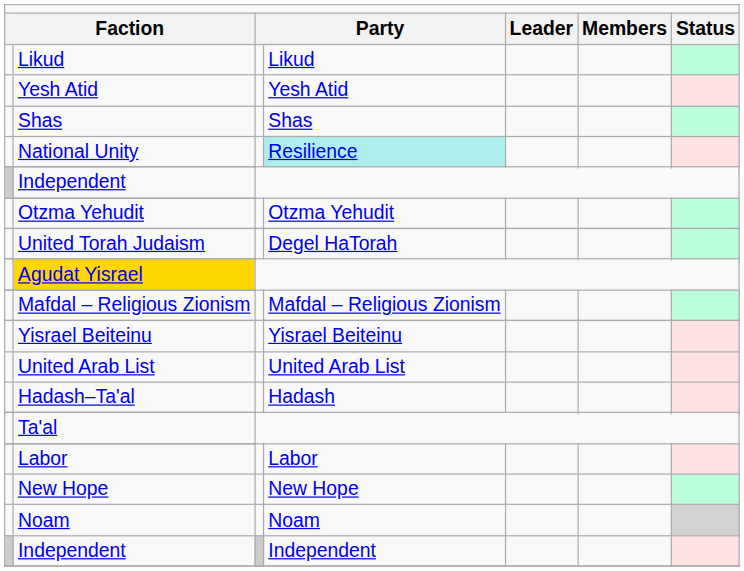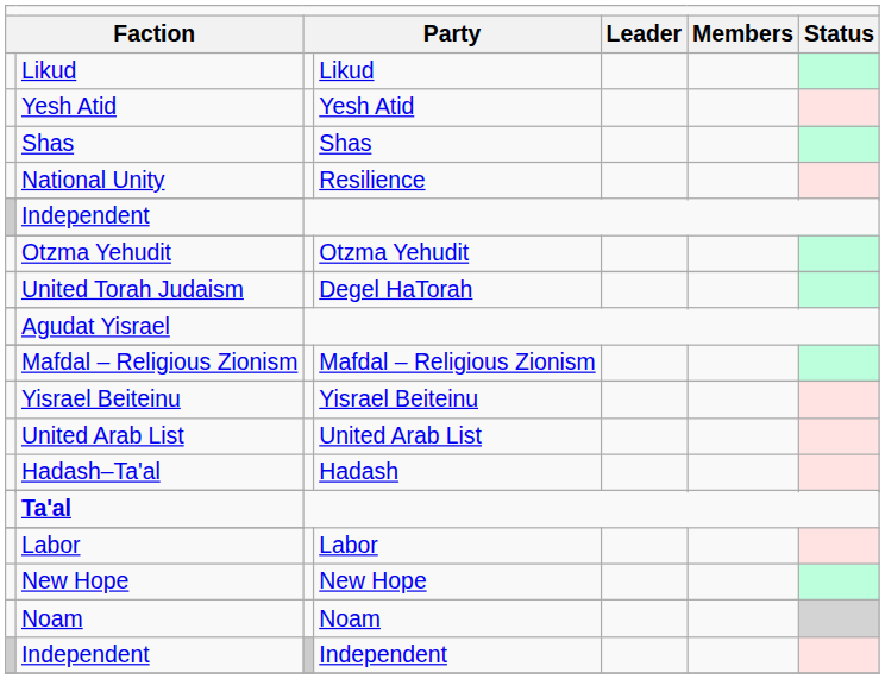 <table class="wikitable">
 <tr>
 <td colspan="7"></td>
 </tr>
 <tr>
 <th colspan="2">Faction</th>
 <th colspan="2">Party</th>
 <th>Leader<br></th>
 <th>Members</th>
 <th>Status</th>
 </tr>
 <tr>
 <td style="background:"></td>
 <td><a href='#'>Likud</a></td>
 <td style="background:"></td>
 <td><a href='#'>Likud</a></td>
 <td></td>
 <td></td>
 <td style="background: #BFD;"></td>
 </tr>
 <tr>
 <td style="background:"></td>
 <td><a href='#'>Yesh Atid</a></td>
 <td style="background:"></td>
 <td><a href='#'>Yesh Atid</a></td>
 <td></td>
 <td></td>
 <td style="background: #FFE3E3;"></td>
 </tr>
 <tr>
 <td style="background:"></td>
 <td><a href='#'>Shas</a></td>
 <td style="background:"></td>
 <td><a href='#'>Shas</a></td>
 <td></td>
 <td></td>
 <td style="background: #BFD;"></td>
 </tr>
 <tr>
 <td rowspan="2" style="background:"></td>
 <td rowspan="2"><a href='#'>National Unity</a></td>
 <td style="background:"></td>
-<td style="background: paleturquoise;"><a href='#'>Resilience</a></td>
+<td><a href='#'>Resilience</a></td>
 <td rowspan="2"></td>
 <td rowspan="2"></td>
 <td rowspan="2" style="background:#FFE3E3;"></td>
 </tr>
 <tr>
 </tr>
 <tr>
 </tr>
 <tr>
 <td style="background:#cdcdcd;"></td>
 <td><a href='#'>Independent</a></td>
 </tr>
 <tr>
 </tr>
 <tr>
 </tr>
 <tr>
 </tr>
 <tr>
 </tr>
 <tr>
 <td style="background:"></td>
 <td><a href='#'>Otzma Yehudit</a></td>
 <td style="background:"></td>
 <td><a href='#'>Otzma Yehudit</a></td>
 <td></td>
 <td></td>
 <td style="background: #BFD;"></td>
 </tr>
 <tr>
 </tr>
 <tr>
 <td rowspan="2" style="background:"></td>
 <td rowspan="2"><a href='#'>United Torah Judaism</a></td>
 <td style="background:"></td>
 <td><a href='#'>Degel HaTorah</a></td>
 <td rowspan="2"></td>
 <td rowspan="2"></td>
 <td rowspan="2" style="background: #BFD;"></td>
 </tr>
 <tr>
 </tr>
 <tr>
 </tr>
 <tr>
 <td style="background:"></td>
-<td style="background: gold;"><a href='#'>Agudat Yisrael</a></td>
+<td><a href='#'>Agudat Yisrael</a></td>
 </tr>
 <tr>
 </tr>
 <tr>
 </tr>
 <tr>
 </tr>
 <tr>
 </tr>
 <tr>
 <td style="background:"></td>
 <td><a href='#'>Mafdal – Religious Zionism</a></td>
 <td style="background:"></td>
 <td><a href='#'>Mafdal – Religious Zionism</a></td>
 <td></td>
 <td></td>
 <td style="background: #BFD;"></td>
 </tr>
 <tr>
 </tr>
 <tr>
 <td style="background:"></td>
 <td><a href='#'>Yisrael Beiteinu</a></td>
 <td style="background:"></td>
 <td><a href='#'>Yisrael Beiteinu</a></td>
 <td></td>
 <td></td>
 <td style="background: #FFE3E3;"></td>
 </tr>
 <tr>
 <td style="background:"></td>
 <td><a href='#'>United Arab List</a></td>
 <td style="background:"></td>
 <td><a href='#'>United Arab List</a></td>
 <td></td>
 <td></td>
 <td style="background: #FFE3E3;"></td>
 </tr>
 <tr>
 <td rowspan="2" style="background:"></td>
 <td rowspan="2"><a href='#'>Hadash–Ta'al</a></td>
 <td style="background:"></td>
 <td><a href='#'>Hadash</a></td>
 <td rowspan="2"></td>
 <td rowspan="2"></td>
 <td rowspan="2" style="background:#FFE3E3;"></td>
 </tr>
 <tr>
 </tr>
 <tr>
 </tr>
 <tr>
 <td style="background:"></td>
-<td><a href='#'>Ta'al</a></td>
+<td><strong><a href='#'>Ta'al</a></strong></td>
 </tr>
 <tr>
 </tr>
 <tr>
 </tr>
 <tr>
 </tr>
 <tr>
 </tr>
 <tr>
 </tr>
 <tr>
 <td style="background:"></td>
 <td><a href='#'>Labor</a></td>
 <td style="background:"></td>
 <td><a href='#'>Labor</a></td>
 <td></td>
 <td></td>
 <td style="background: #FFE3E3;"></td>
 </tr>
 <tr>
 <td style="background:"></td>
 <td><a href='#'>New Hope</a></td>
 <td style="background:"></td>
 <td><a href='#'>New Hope</a></td>
 <td></td>
 <td></td>
 <td style="background: #BFD;"></td>
 </tr>
 <tr>
 <td style="background:"></td>
 <td><a href='#'>Noam</a></td>
 <td style="background:"></td>
 <td><a href='#'>Noam</a></td>
 <td></td>
 <td></td>
 <td style="background-color: #D3D3D3;"></td>
 </tr>
 <tr>
 <td style="background:#cdcdcd;"></td>
 <td><a href='#'>Independent</a></td>
 <td style="background:#cdcdcd;"></td>
 <td><a href='#'>Independent</a></td>
 <td></td>
 <td></td>
 <td style="background: #FFE3E3;"></td>
 </tr>
 <tr>
 </tr>
 </table>
